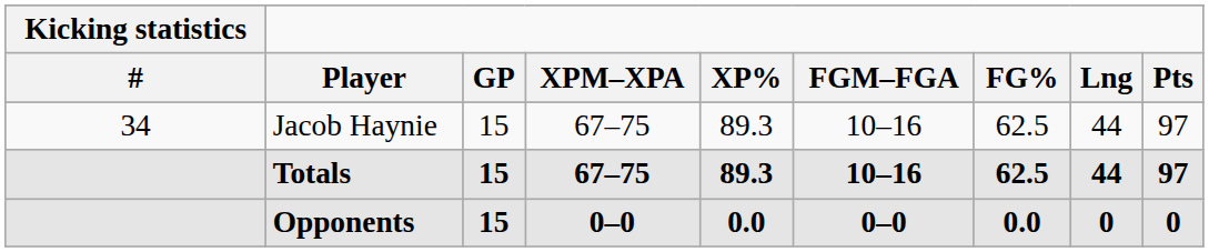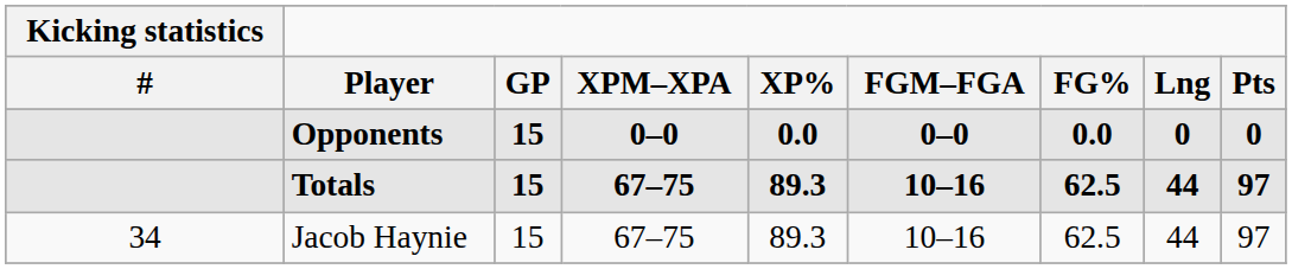 <table style="text-align:center; width:50%;" class="wikitable collapsible collapsed">
 <tr>
 <th style="text-align:center; ">Kicking statistics</th>
 </tr>
 <tr>
 <th>#</th>
 <th>Player</th>
 <th>GP</th>
 <th>XPM–XPA</th>
 <th>XP%</th>
 <th>FGM–FGA</th>
 <th>FG%</th>
 <th>Lng</th>
 <th>Pts</th>
 </tr>
-<tr>
-<td>34</td>
-<td align="left">Jacob Haynie</td>
-<td>15</td>
-<td>67–75</td>
-<td>89.3</td>
-<td>10–16</td>
-<td>62.5</td>
-<td>44</td>
-<td>97</td>
+<tr style="background:#e5e5e5;">
+<td></td>
+<td align="left"><strong>Opponents</strong></td>
+<td><strong>15</strong></td>
+<td><strong>0–0</strong></td>
+<td><strong>0.0</strong></td>
+<td><strong>0–0</strong></td>
+<td><strong>0.0</strong></td>
+<td><strong>0</strong></td>
+<td><strong>0</strong></td>
 </tr>
 <tr style="background:#e5e5e5;">
 <td></td>
 <td align="left"><strong>Totals</strong></td>
 <td><strong>15</strong></td>
 <td><strong>67–75</strong></td>
 <td><strong>89.3</strong></td>
 <td><strong>10–16</strong></td>
 <td><strong>62.5</strong></td>
 <td><strong>44</strong></td>
 <td><strong>97</strong></td>
 </tr>
-<tr style="background:#e5e5e5;">
-<td></td>
-<td align="left"><strong>Opponents</strong></td>
-<td><strong>15</strong></td>
-<td><strong>0–0</strong></td>
-<td><strong>0.0</strong></td>
-<td><strong>0–0</strong></td>
-<td><strong>0.0</strong></td>
-<td><strong>0</strong></td>
-<td><strong>0</strong></td>
+<tr>
+<td>34</td>
+<td align="left">Jacob Haynie</td>
+<td>15</td>
+<td>67–75</td>
+<td>89.3</td>
+<td>10–16</td>
+<td>62.5</td>
+<td>44</td>
+<td>97</td>
 </tr>
 </table>
